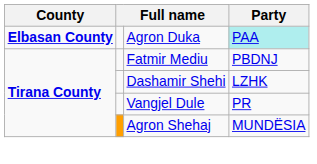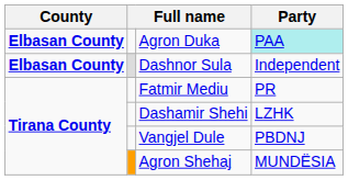 <table class="wikitable">
 <tr>
 <th>County</th>
 <th colspan="2">Full name</th>
 <th>Party</th>
 </tr>
 <tr>
 <td><strong><a href='#'>Elbasan County</a></strong></td>
 <td></td>
 <td><a href='#'>Agron Duka</a></td>
 <td style="background: paleturquoise;"><a href='#'>PAA</a></td>
 </tr>
 <tr>
+<td><strong><a href='#'>Elbasan County</a></strong></td>
+<td bgcolor="#DCDCDC" width="1"></td>
+<td><a href='#'>Dashnor Sula</a></td>
+<td><a href='#'>Independent</a></td>
+</tr>
+<tr>
 <td rowspan="4"><strong><a href='#'>Tirana County</a></strong></td>
 <td></td>
 <td><a href='#'>Fatmir Mediu</a></td>
-<td><a href='#'>PBDNJ</a></td>
+<td><a href='#'>PR</a></td>
 </tr>
 <tr>
 <td></td>
 <td><a href='#'>Dashamir Shehi</a></td>
 <td><a href='#'>LZHK</a></td>
 </tr>
 <tr>
 <td></td>
 <td><a href='#'>Vangjel Dule</a></td>
-<td><a href='#'>PR</a></td>
+<td><a href='#'>PBDNJ</a></td>
 </tr>
 <tr>
 <td bgcolor="#FF9F00" width="1"></td>
 <td><a href='#'>Agron Shehaj</a></td>
 <td><a href='#'>MUNDËSIA</a></td>
 </tr>
 </table>
